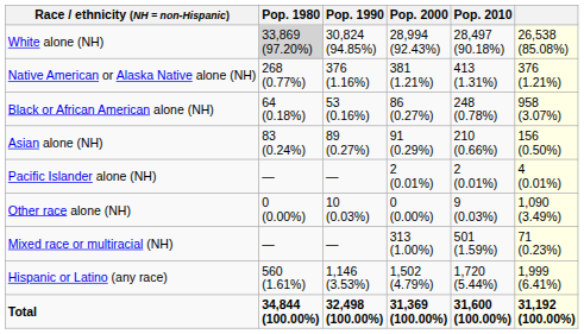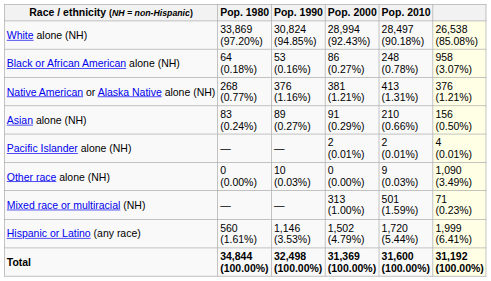 <table class="wikitable sortable collapsible" style="font-size: 95%;">
 <tr>
 <th>Race / ethnicity <small>(<em>NH = non-Hispanic</em>)</small></th>
 <th>Pop. 1980</th>
 <th>Pop. 1990</th>
 <th>Pop. 2000</th>
 <th>Pop. 2010</th>
 <th></th>
 </tr>
 <tr>
 <td><a href='#'>White</a> alone (NH)</td>
-<td style="background: lightgrey;">33,869<br>(97.20%)</td>
+<td>33,869<br>(97.20%)</td>
 <td>30,824<br>(94.85%)</td>
 <td>28,994<br>(92.43%)</td>
 <td>28,497<br>(90.18%)</td>
 <td style='background: #ffffe6;'>26,538<br>(85.08%)</td>
+</tr>
+<tr>
+<td><a href='#'>Black or African American</a> alone (NH)</td>
+<td>64<br>(0.18%)</td>
+<td>53<br>(0.16%)</td>
+<td>86<br>(0.27%)</td>
+<td>248<br>(0.78%)</td>
+<td style='background: #ffffe6;'>958<br>(3.07%)</td>
 </tr>
 <tr>
 <td><a href='#'>Native American</a> or <a href='#'>Alaska Native</a> alone (NH)</td>
 <td>268<br>(0.77%)</td>
 <td>376<br>(1.16%)</td>
 <td>381<br>(1.21%)</td>
 <td>413<br>(1.31%)</td>
 <td style='background: #ffffe6;'>376<br>(1.21%)</td>
-</tr>
-<tr>
-<td><a href='#'>Black or African American</a> alone (NH)</td>
-<td>64<br>(0.18%)</td>
-<td>53<br>(0.16%)</td>
-<td>86<br>(0.27%)</td>
-<td>248<br>(0.78%)</td>
-<td style='background: #ffffe6;'>958<br>(3.07%)</td>
 </tr>
 <tr>
 <td><a href='#'>Asian</a> alone (NH)</td>
 <td>83<br>(0.24%)</td>
 <td>89<br>(0.27%)</td>
 <td>91<br>(0.29%)</td>
 <td>210<br>(0.66%)</td>
 <td style='background: #ffffe6;'>156<br>(0.50%)</td>
 </tr>
 <tr>
 <td><a href='#'>Pacific Islander</a> alone (NH)</td>
 <td>—</td>
 <td>—</td>
 <td>2<br>(0.01%)</td>
 <td>2<br>(0.01%)</td>
 <td style='background: #ffffe6;'>4<br>(0.01%)</td>
 </tr>
 <tr>
 <td><a href='#'>Other race</a> alone (NH)</td>
 <td>0<br>(0.00%)</td>
 <td>10<br>(0.03%)</td>
 <td>0<br>(0.00%)</td>
 <td>9<br>(0.03%)</td>
 <td style='background: #ffffe6;'>1,090<br>(3.49%)</td>
 </tr>
 <tr>
 <td><a href='#'>Mixed race or multiracial</a> (NH)</td>
 <td>—</td>
 <td>—</td>
 <td>313<br>(1.00%)</td>
 <td>501<br>(1.59%)</td>
 <td style='background: #ffffe6;'>71<br>(0.23%)</td>
 </tr>
 <tr>
 <td><a href='#'>Hispanic or Latino</a> (any race)</td>
 <td>560<br>(1.61%)</td>
 <td>1,146<br>(3.53%)</td>
 <td>1,502<br>(4.79%)</td>
 <td>1,720<br>(5.44%)</td>
 <td style='background: #ffffe6;'>1,999<br>(6.41%)</td>
 </tr>
 <tr>
 <td><strong>Total</strong></td>
 <td><strong>34,844<br>(100.00%)</strong></td>
 <td><strong>32,498<br>(100.00%)</strong></td>
 <td><strong>31,369<br>(100.00%)</strong></td>
 <td><strong>31,600<br>(100.00%)</strong></td>
 <td style='background: #ffffe6;'><strong>31,192<br>(100.00%)</strong></td>
 </tr>
 </table>
